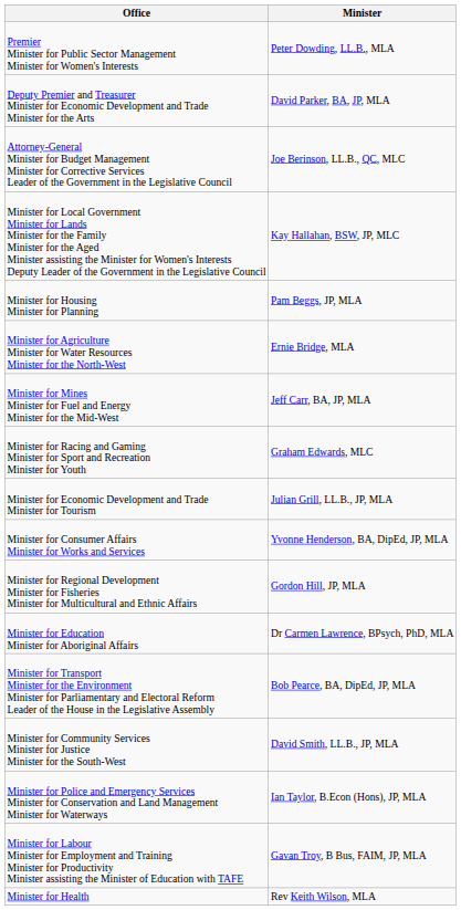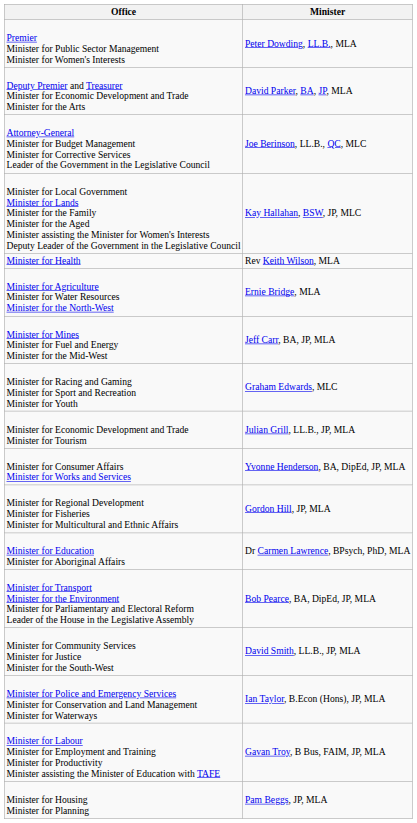 <table class="wikitable">
 <tr>
 <th>Office</th>
 <th>Minister</th>
 </tr>
 <tr>
 <td><br><a href='#'>Premier</a><br> Minister for Public Sector Management<br> Minister for Women's Interests</td>
 <td><a href='#'>Peter Dowding</a>, <a href='#'>LL.B.</a>, MLA</td>
 </tr>
 <tr>
 <td><br><a href='#'>Deputy Premier</a> and <a href='#'>Treasurer</a><br> Minister for Economic Development and Trade<br> Minister for the Arts</td>
 <td><a href='#'>David Parker</a>, <a href='#'>BA</a>, <a href='#'>JP</a>, MLA</td>
 </tr>
 <tr>
 <td><br><a href='#'>Attorney-General</a><br> Minister for Budget Management<br> Minister for Corrective Services<br> Leader of the Government in the Legislative Council</td>
 <td><a href='#'>Joe Berinson</a>, LL.B., <a href='#'>QC</a>, MLC</td>
 </tr>
 <tr>
 <td><br>Minister for Local Government<br> <a href='#'>Minister for Lands</a><br> Minister for the Family<br> Minister for the Aged<br> Minister assisting the Minister for Women's Interests<br> Deputy Leader of the Government in the Legislative Council</td>
 <td><a href='#'>Kay Hallahan</a>, <a href='#'>BSW</a>, JP, MLC</td>
 </tr>
 <tr>
-<td><br>Minister for Housing<br> Minister for Planning</td>
-<td><a href='#'>Pam Beggs</a>, JP, MLA</td>
+<td><a href='#'>Minister for Health</a></td>
+<td>Rev <a href='#'>Keith Wilson</a>, MLA</td>
 </tr>
 <tr>
 <td><br><a href='#'>Minister for Agriculture</a><br> Minister for Water Resources<br> <a href='#'>Minister for the North-West</a><br></td>
 <td><a href='#'>Ernie Bridge</a>, MLA</td>
 </tr>
 <tr>
 <td><br><a href='#'>Minister for Mines</a><br> Minister for Fuel and Energy<br> Minister for the Mid-West</td>
 <td><a href='#'>Jeff Carr</a>, BA, JP, MLA</td>
 </tr>
 <tr>
 <td><br>Minister for Racing and Gaming<br> Minister for Sport and Recreation<br> Minister for Youth</td>
 <td><a href='#'>Graham Edwards</a>, MLC</td>
 </tr>
 <tr>
 <td><br>Minister for Economic Development and Trade<br> Minister for Tourism</td>
 <td><a href='#'>Julian Grill</a>, LL.B., JP, MLA</td>
 </tr>
 <tr>
 <td><br>Minister for Consumer Affairs<br> <a href='#'>Minister for Works and Services</a></td>
 <td><a href='#'>Yvonne Henderson</a>, BA, DipEd, JP, MLA</td>
 </tr>
 <tr>
 <td><br>Minister for Regional Development<br> Minister for Fisheries<br> Minister for Multicultural and Ethnic Affairs</td>
 <td><a href='#'>Gordon Hill</a>, JP, MLA</td>
 </tr>
 <tr>
 <td><br><a href='#'>Minister for Education</a><br> Minister for Aboriginal Affairs</td>
 <td>Dr <a href='#'>Carmen Lawrence</a>, BPsych, PhD, MLA</td>
 </tr>
 <tr>
 <td><br><a href='#'>Minister for Transport</a><br> <a href='#'>Minister for the Environment</a><br> Minister for Parliamentary and Electoral Reform<br> Leader of the House in the Legislative Assembly</td>
 <td><a href='#'>Bob Pearce</a>, BA, DipEd, JP, MLA</td>
 </tr>
 <tr>
 <td><br>Minister for Community Services<br> Minister for Justice<br> Minister for the South-West</td>
 <td><a href='#'>David Smith</a>, LL.B., JP, MLA</td>
 </tr>
 <tr>
 <td><br><a href='#'>Minister for Police and Emergency Services</a><br> Minister for Conservation and Land Management<br> Minister for Waterways</td>
 <td><a href='#'>Ian Taylor</a>, B.Econ (Hons), JP, MLA</td>
 </tr>
 <tr>
 <td><br><a href='#'>Minister for Labour</a><br> Minister for Employment and Training<br> Minister for Productivity<br> Minister assisting the Minister of Education with <a href='#'>TAFE</a></td>
 <td><a href='#'>Gavan Troy</a>, B Bus, FAIM, JP, MLA</td>
 </tr>
 <tr>
-<td><a href='#'>Minister for Health</a></td>
-<td>Rev <a href='#'>Keith Wilson</a>, MLA</td>
+<td><br>Minister for Housing<br> Minister for Planning</td>
+<td><a href='#'>Pam Beggs</a>, JP, MLA</td>
 </tr>
 </table>
